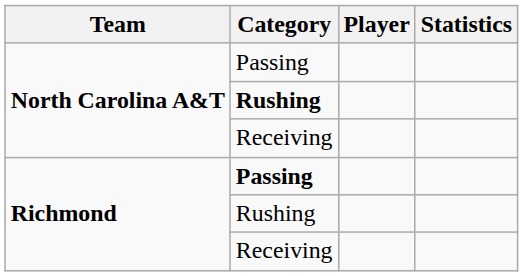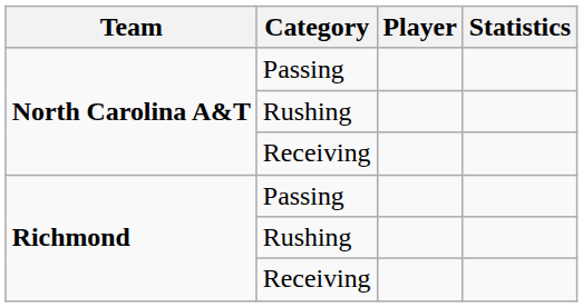 <table class="wikitable" style="float: right;">
 <tr>
 <th>Team</th>
 <th>Category</th>
 <th>Player</th>
 <th>Statistics</th>
 </tr>
 <tr>
 <td rowspan=3><strong>North Carolina A&T</strong></td>
 <td>Passing</td>
 <td></td>
 <td></td>
 </tr>
 <tr>
-<td><strong>Rushing</strong></td>
+<td>Rushing</td>
 <td></td>
 <td></td>
 </tr>
 <tr>
 <td>Receiving</td>
 <td></td>
 <td></td>
 </tr>
 <tr>
 <td rowspan=3><strong>Richmond</strong></td>
-<td><strong>Passing</strong></td>
+<td>Passing</td>
 <td></td>
 <td></td>
 </tr>
 <tr>
 <td>Rushing</td>
 <td></td>
 <td></td>
 </tr>
 <tr>
 <td>Receiving</td>
 <td></td>
 <td></td>
 </tr>
 </table>
